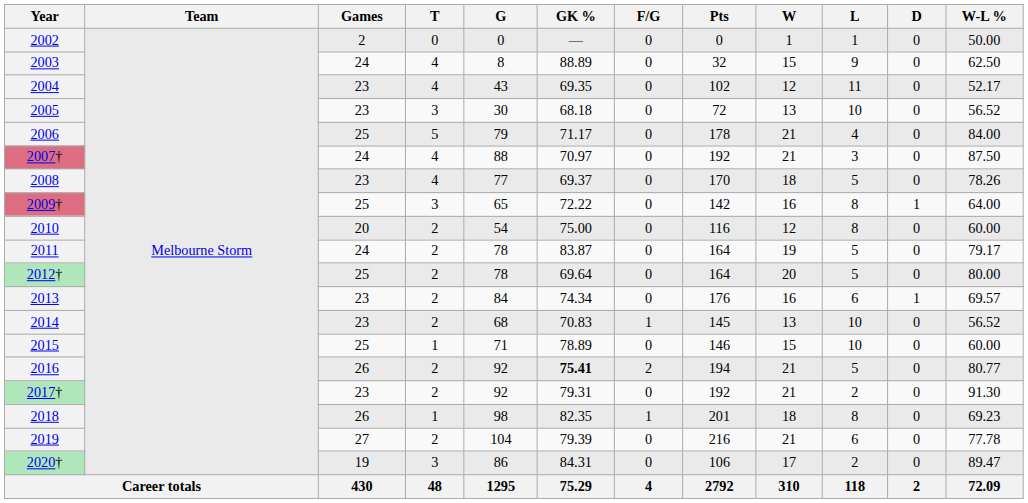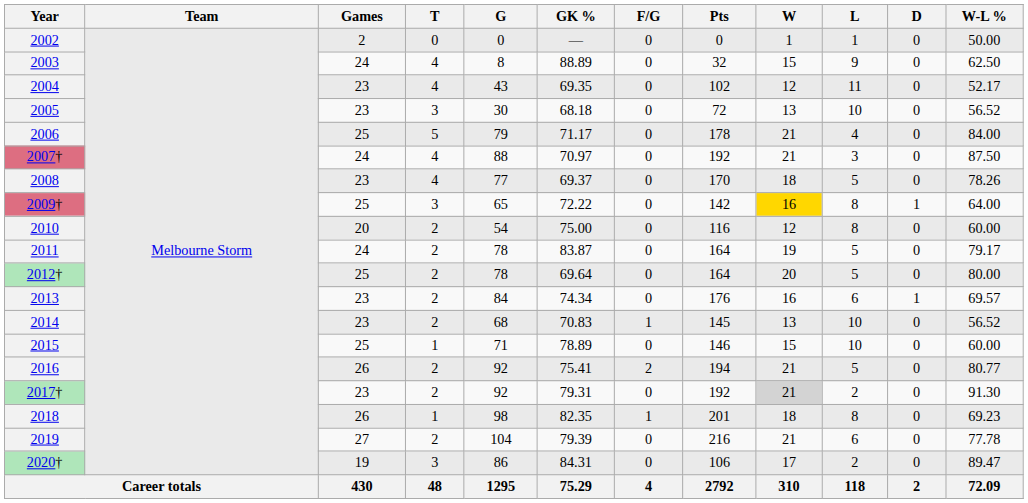 <table class="wikitable sortable"  style="font-size:90%; text-align:center; width:65%;">
 <tr>
 <th width=2%>Year</th>
 <th width=8%>Team</th>
 <th width=2%>Games</th>
 <th width=2%>T</th>
 <th width=2%>G</th>
 <th width=2%>GK %</th>
 <th width=2%>F/G</th>
 <th width=2%>Pts</th>
 <th width=2%>W</th>
 <th width=2%>L</th>
 <th width=2%>D</th>
 <th width=2%>W-L %</th>
 </tr>
 <tr style="background-color: #EAEAEA">
 <th scope="row" style="text-align:center; font-weight:normal"><a href='#'>2002</a></th>
 <td rowspan="19" style="text-align:center;"> <a href='#'>Melbourne Storm</a></td>
 <td>2</td>
 <td>0</td>
 <td>0</td>
 <td>—</td>
 <td>0</td>
 <td>0</td>
 <td>1</td>
 <td>1</td>
 <td>0</td>
 <td>50.00</td>
 </tr>
 <tr>
 <th scope="row" style="text-align:center; font-weight:normal"><a href='#'>2003</a></th>
 <td>24</td>
 <td>4</td>
 <td>8</td>
 <td>88.89</td>
 <td>0</td>
 <td>32</td>
 <td>15</td>
 <td>9</td>
 <td>0</td>
 <td>62.50</td>
 </tr>
 <tr style="background-color: #EAEAEA">
 <th scope="row" style="text-align:center; font-weight:normal"><a href='#'>2004</a></th>
 <td>23</td>
 <td>4</td>
 <td>43</td>
 <td>69.35</td>
 <td>0</td>
 <td>102</td>
 <td>12</td>
 <td>11</td>
 <td>0</td>
 <td>52.17</td>
 </tr>
 <tr>
 <th scope="row" style="text-align:center; font-weight:normal"><a href='#'>2005</a></th>
 <td>23</td>
 <td>3</td>
 <td>30</td>
 <td>68.18</td>
 <td>0</td>
 <td>72</td>
 <td>13</td>
 <td>10</td>
 <td>0</td>
 <td>56.52</td>
 </tr>
 <tr style="background-color: #EAEAEA">
 <th scope="row" style="text-align:center; font-weight:normal"><a href='#'>2006</a></th>
 <td>25</td>
 <td>5</td>
 <td>79</td>
 <td>71.17</td>
 <td>0</td>
 <td>178</td>
 <td>21</td>
 <td>4</td>
 <td>0</td>
 <td>84.00</td>
 </tr>
 <tr>
 <th scope="row" style="text-align:center;background:#DD6E81; font-weight:normal"><a href='#'>2007</a>†</th>
 <td>24</td>
 <td>4</td>
 <td>88</td>
 <td>70.97</td>
 <td>0</td>
 <td>192</td>
 <td>21</td>
 <td>3</td>
 <td>0</td>
 <td>87.50</td>
 </tr>
 <tr style="background-color: #EAEAEA">
 <th scope="row" style="text-align:center; font-weight:normal"><a href='#'>2008</a></th>
 <td>23</td>
 <td>4</td>
 <td>77</td>
 <td>69.37</td>
 <td>0</td>
 <td>170</td>
 <td>18</td>
 <td>5</td>
 <td>0</td>
 <td>78.26</td>
 </tr>
 <tr>
 <th scope="row" style="text-align:center;background:#DD6E81; font-weight:normal"><a href='#'>2009</a>†</th>
 <td>25</td>
 <td>3</td>
 <td>65</td>
 <td>72.22</td>
 <td>0</td>
 <td>142</td>
-<td>16</td>
+<td style="background: gold;">16</td>
 <td>8</td>
 <td>1</td>
 <td>64.00</td>
 </tr>
 <tr style="background-color: #EAEAEA">
 <th scope="row" style="text-align:center; font-weight:normal"><a href='#'>2010</a></th>
 <td>20</td>
 <td>2</td>
 <td>54</td>
 <td>75.00</td>
 <td>0</td>
 <td>116</td>
 <td>12</td>
 <td>8</td>
 <td>0</td>
 <td>60.00</td>
 </tr>
 <tr>
 <th scope="row" style="text-align:center; font-weight:normal"><a href='#'>2011</a></th>
 <td>24</td>
 <td>2</td>
 <td>78</td>
 <td>83.87</td>
 <td>0</td>
 <td>164</td>
 <td>19</td>
 <td>5</td>
 <td>0</td>
 <td>79.17</td>
 </tr>
 <tr style="background-color: #EAEAEA">
 <th scope="row" style="text-align:center;background:#afe6ba; font-weight:normal"><a href='#'>2012</a>†</th>
 <td>25</td>
 <td>2</td>
 <td>78</td>
 <td>69.64</td>
 <td>0</td>
 <td>164</td>
 <td>20</td>
 <td>5</td>
 <td>0</td>
 <td>80.00</td>
 </tr>
 <tr>
 <th scope="row" style="text-align:center; font-weight:normal"><a href='#'>2013</a></th>
 <td>23</td>
 <td>2</td>
 <td>84</td>
 <td>74.34</td>
 <td>0</td>
 <td>176</td>
 <td>16</td>
 <td>6</td>
 <td>1</td>
 <td>69.57</td>
 </tr>
 <tr style="background-color: #EAEAEA">
 <th scope="row" style="text-align:center; font-weight:normal"><a href='#'>2014</a></th>
 <td>23</td>
 <td>2</td>
 <td>68</td>
 <td>70.83</td>
 <td>1</td>
 <td>145</td>
 <td>13</td>
 <td>10</td>
 <td>0</td>
 <td>56.52</td>
 </tr>
 <tr>
 <th scope="row" style="text-align:center; font-weight:normal"><a href='#'>2015</a></th>
 <td>25</td>
 <td>1</td>
 <td>71</td>
 <td>78.89</td>
 <td>0</td>
 <td>146</td>
 <td>15</td>
 <td>10</td>
 <td>0</td>
 <td>60.00</td>
 </tr>
 <tr style="background-color: #EAEAEA">
 <th scope="row" style="text-align:center; font-weight:normal"><a href='#'>2016</a></th>
 <td>26</td>
 <td>2</td>
 <td>92</td>
-<td><strong>75.41</strong></td>
+<td>75.41</td>
 <td>2</td>
 <td>194</td>
 <td>21</td>
 <td>5</td>
 <td>0</td>
 <td>80.77</td>
 </tr>
 <tr>
 <th scope="row" style="text-align:center;background:#afe6ba; font-weight:normal"><a href='#'>2017</a>†</th>
 <td>23</td>
 <td>2</td>
 <td>92</td>
 <td>79.31</td>
 <td>0</td>
 <td>192</td>
-<td>21</td>
+<td style="background: lightgrey;">21</td>
 <td>2</td>
 <td>0</td>
 <td>91.30</td>
 </tr>
 <tr style="background-color: #EAEAEA">
 <th scope="row" style="text-align:center; font-weight:normal"><a href='#'>2018</a></th>
 <td>26</td>
 <td>1</td>
 <td>98</td>
 <td>82.35</td>
 <td>1</td>
 <td>201</td>
 <td>18</td>
 <td>8</td>
 <td>0</td>
 <td>69.23</td>
 </tr>
 <tr>
 <th scope="row" style="text-align:center; font-weight:normal"><a href='#'>2019</a></th>
 <td>27</td>
 <td>2</td>
 <td>104</td>
 <td>79.39</td>
 <td>0</td>
 <td>216</td>
 <td>21</td>
 <td>6</td>
 <td>0</td>
 <td>77.78</td>
 </tr>
 <tr style="background-color: #EAEAEA">
 <th scope="row" style="text-align:center;background:#afe6ba; font-weight:normal"><a href='#'>2020</a>†</th>
 <td>19</td>
 <td>3</td>
 <td>86</td>
 <td>84.31</td>
 <td>0</td>
 <td>106</td>
 <td>17</td>
 <td>2</td>
 <td>0</td>
 <td>89.47</td>
 </tr>
 <tr class="sortbottom">
 <th colspan="2">Career totals</th>
 <th>430</th>
 <th>48</th>
 <th>1295</th>
 <th>75.29</th>
 <th>4</th>
 <th>2792</th>
 <th>310</th>
 <th>118</th>
 <th>2</th>
 <th>72.09</th>
 </tr>
 </table>
